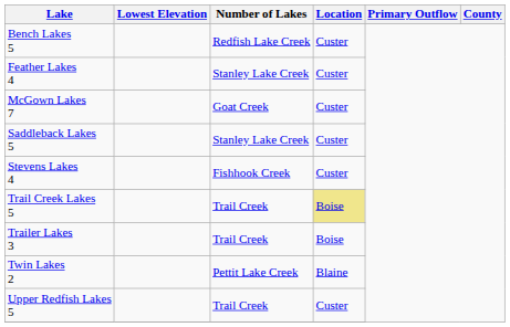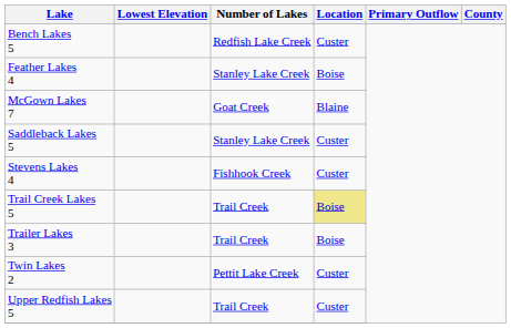 <table class="wikitable sortable">
 <tr>
 <th><a href='#'>Lake</a></th>
 <th><a href='#'>Lowest Elevation</a></th>
 <th>Number of Lakes</th>
 <th><a href='#'>Location</a></th>
 <th><a href='#'>Primary Outflow</a></th>
 <th><a href='#'>County</a></th>
 </tr>
 <tr>
 <td><a href='#'>Bench Lakes</a><br> 5</td>
 <td></td>
 <td><a href='#'>Redfish Lake Creek</a></td>
 <td><a href='#'>Custer</a></td>
 </tr>
 <tr>
 <td><a href='#'>Feather Lakes</a><br> 4</td>
 <td></td>
 <td><a href='#'>Stanley Lake Creek</a></td>
-<td><a href='#'>Custer</a></td>
+<td><a href='#'>Boise</a></td>
 </tr>
 <tr>
 <td><a href='#'>McGown Lakes</a><br> 7</td>
 <td></td>
 <td><a href='#'>Goat Creek</a></td>
-<td><a href='#'>Custer</a></td>
+<td><a href='#'>Blaine</a></td>
 </tr>
 <tr>
 <td><a href='#'>Saddleback Lakes</a><br> 5</td>
 <td></td>
 <td><a href='#'>Stanley Lake Creek</a></td>
 <td><a href='#'>Custer</a></td>
 </tr>
 <tr>
 <td><a href='#'>Stevens Lakes</a><br> 4</td>
 <td></td>
 <td><a href='#'>Fishhook Creek</a></td>
 <td><a href='#'>Custer</a></td>
 </tr>
 <tr>
 <td><a href='#'>Trail Creek Lakes</a><br> 5</td>
 <td></td>
 <td><a href='#'>Trail Creek</a></td>
 <td style="background: khaki;"><a href='#'>Boise</a></td>
 </tr>
 <tr>
 <td><a href='#'>Trailer Lakes</a><br> 3</td>
 <td></td>
 <td><a href='#'>Trail Creek</a></td>
 <td><a href='#'>Boise</a></td>
 </tr>
 <tr>
 <td><a href='#'>Twin Lakes</a><br> 2</td>
 <td></td>
 <td><a href='#'>Pettit Lake Creek</a></td>
-<td><a href='#'>Blaine</a></td>
+<td><a href='#'>Custer</a></td>
 </tr>
 <tr>
 <td><a href='#'>Upper Redfish Lakes</a><br> 5</td>
 <td></td>
 <td><a href='#'>Trail Creek</a></td>
 <td><a href='#'>Custer</a></td>
 </tr>
 <tr>
 </tr>
 </table>
